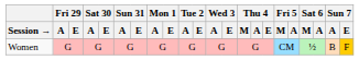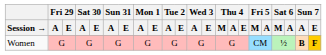 <table class="wikitable" style="margin:0.5em auto; font-size:90%; line-height:1.25em; text-align:center;">
 <tr style="text-align:center;">
 <th></th>
 <th colspan=2>Fri 29</th>
 <th colspan=2>Sat 30</th>
 <th colspan=2>Sun 31</th>
 <th colspan=2>Mon 1</th>
 <th colspan=2>Tue 2</th>
 <th colspan=2>Wed 3</th>
 <th colspan=3>Thu 4</th>
 <th colspan=2>Fri 5</th>
 <th colspan=2>Sat 6</th>
 <th colspan=2>Sun 7</th>
 </tr>
 <tr>
 <th>Session →</th>
 <th>A</th>
 <th>E</th>
 <th>A</th>
 <th>E</th>
 <th>A</th>
 <th>E</th>
 <th>A</th>
 <th>E</th>
 <th>A</th>
 <th>E</th>
 <th>A</th>
 <th>E</th>
 <th>M</th>
 <th>A</th>
 <th>E</th>
 <th>M</th>
 <th>A</th>
 <th>M</th>
 <th>A</th>
 <th>A</th>
 <th>E</th>
 </tr>
 <tr>
 <td style="text-align:left;">Women</td>
 <td colspan="2" style="background-color:#FFBBBB;">G</td>
 <td colspan="2" style="background-color:#FFBBBB;">G</td>
 <td colspan="2" style="background-color:#FFBBBB;">G</td>
 <td colspan="2" style="background-color:#FFBBBB;">G</td>
 <td colspan="2" style="background-color:#FFBBBB;">G</td>
 <td colspan="2" style="background-color:#FFBBBB;">G</td>
 <td colspan="3" style="background-color:#FFBBBB;">G</td>
 <td colspan="2" style="background-color:#97DEFF;">CM</td>
 <td colspan="2" style="background-color:#BBF3BB;">½</td>
-<td style="background-color:#FEDCBA;">B</td>
-<td style="background-color:#FFCC00;">F</td>
+<td style="background-color:#FEDCBA;"><strong>B</strong></td>
+<td style="background-color:#FFCC00;"><strong>F</strong></td>
 </tr>
 </table>
